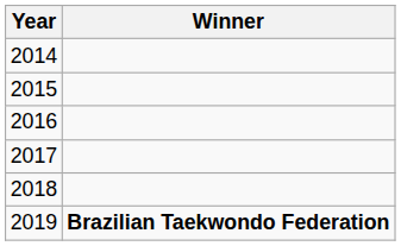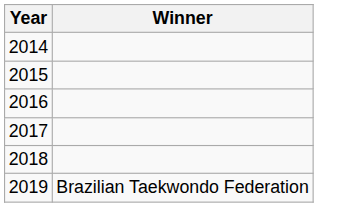 <table class="wikitable">
 <tr>
 <th>Year</th>
 <th>Winner</th>
 </tr>
 <tr>
 <td>2014</td>
 <td></td>
 </tr>
 <tr>
 <td>2015</td>
 <td></td>
 </tr>
 <tr>
 <td>2016</td>
 <td></td>
 </tr>
 <tr>
 <td>2017</td>
 <td></td>
 </tr>
 <tr>
 <td>2018</td>
 <td></td>
 </tr>
 <tr>
 <td>2019</td>
-<td><strong> Brazilian Taekwondo Federation</strong></td>
+<td> Brazilian Taekwondo Federation</td>
 </tr>
 </table>
